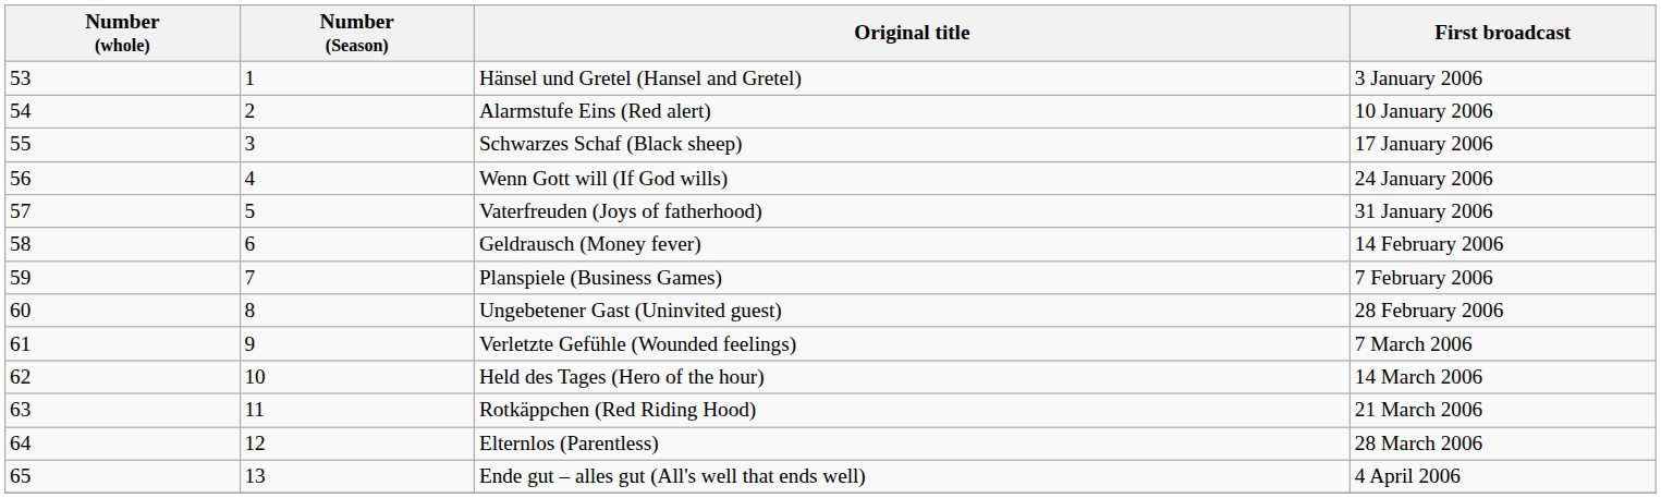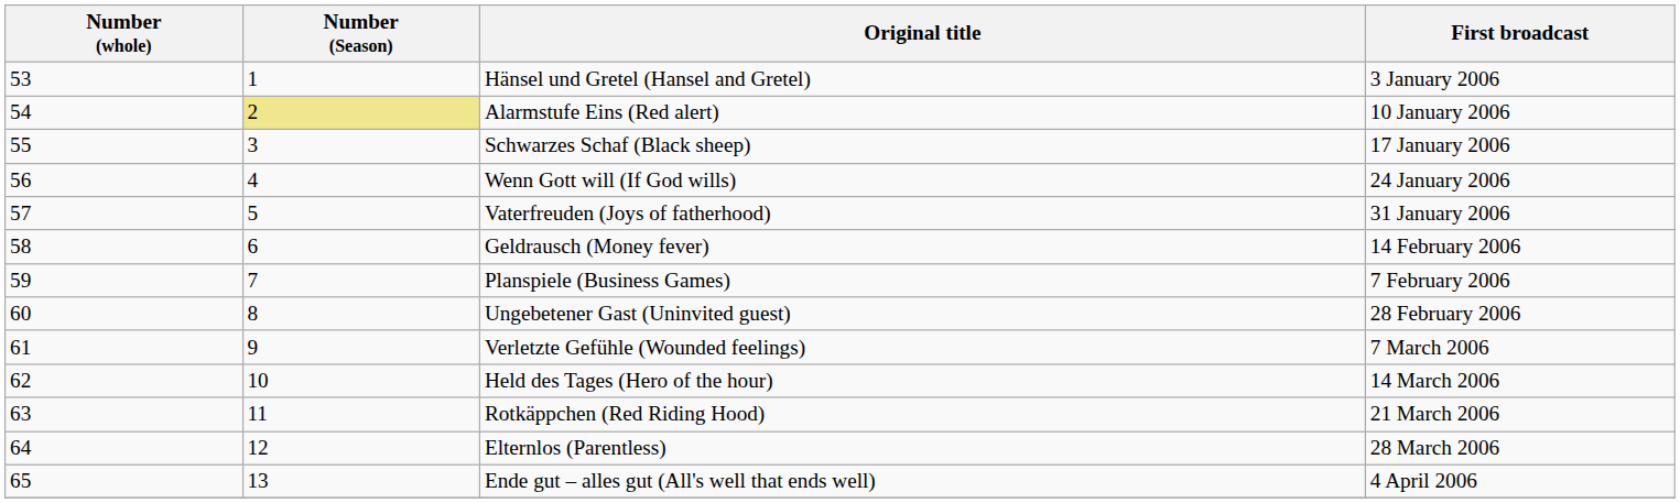 <table class="wikitable" width="100%">
 <tr>
 <th width="75"><strong>Number</strong><br> <small> (whole) </small></th>
 <th width="75"><strong>Number</strong><br> <small> (Season) </small></th>
 <th width="300">Original title</th>
 <th width="100">First broadcast</th>
 </tr>
 <tr>
 <td>53</td>
 <td>1</td>
 <td>Hänsel und Gretel (Hansel and Gretel)</td>
 <td>3 January 2006</td>
 </tr>
 <tr>
 <td>54</td>
-<td>2</td>
+<td style="background: khaki;">2</td>
 <td>Alarmstufe Eins (Red alert)</td>
 <td>10 January 2006</td>
 </tr>
 <tr>
 <td>55</td>
 <td>3</td>
 <td>Schwarzes Schaf (Black sheep)</td>
 <td>17 January 2006</td>
 </tr>
 <tr>
 <td>56</td>
 <td>4</td>
 <td>Wenn Gott will (If God wills)</td>
 <td>24 January 2006</td>
 </tr>
 <tr>
 <td>57</td>
 <td>5</td>
 <td>Vaterfreuden (Joys of fatherhood)</td>
 <td>31 January 2006</td>
 </tr>
 <tr>
 <td>58</td>
 <td>6</td>
 <td>Geldrausch (Money fever)</td>
 <td>14 February 2006</td>
 </tr>
 <tr>
 <td>59</td>
 <td>7</td>
 <td>Planspiele (Business Games)</td>
 <td>7 February 2006</td>
 </tr>
 <tr>
 <td>60</td>
 <td>8</td>
 <td>Ungebetener Gast (Uninvited guest)</td>
 <td>28 February 2006</td>
 </tr>
 <tr>
 <td>61</td>
 <td>9</td>
 <td>Verletzte Gefühle (Wounded feelings)</td>
 <td>7 March 2006</td>
 </tr>
 <tr>
 <td>62</td>
 <td>10</td>
 <td>Held des Tages (Hero of the hour)</td>
 <td>14 March 2006</td>
 </tr>
 <tr>
 <td>63</td>
 <td>11</td>
 <td>Rotkäppchen (Red Riding Hood)</td>
 <td>21 March 2006</td>
 </tr>
 <tr>
 <td>64</td>
 <td>12</td>
 <td>Elternlos (Parentless)</td>
 <td>28 March 2006</td>
 </tr>
 <tr>
 <td>65</td>
 <td>13</td>
 <td>Ende gut – alles gut (All's well that ends well)</td>
 <td>4 April 2006</td>
 </tr>
 <tr>
 </tr>
 </table>
